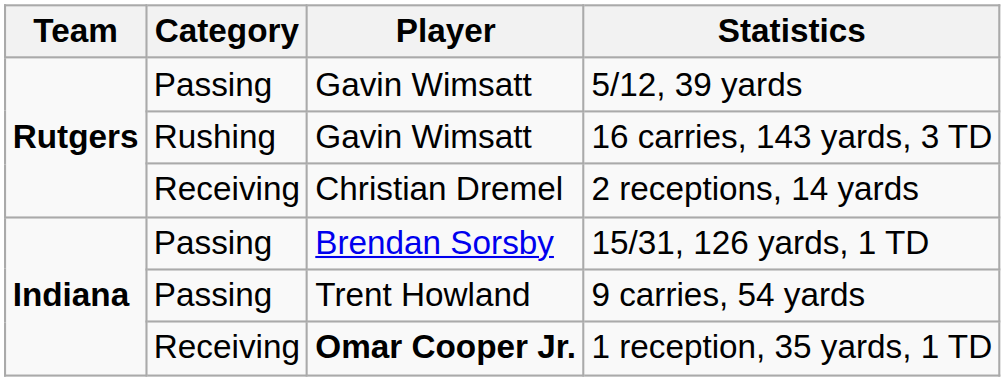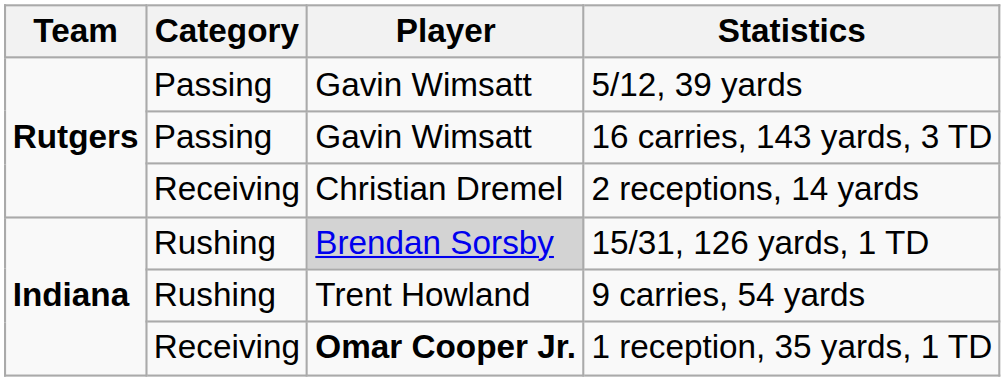 <table class="wikitable" style="float: left;">
 <tr>
 <th>Team</th>
 <th>Category</th>
 <th>Player</th>
 <th>Statistics</th>
 </tr>
 <tr>
 <td rowspan=3><strong>Rutgers</strong></td>
 <td>Passing</td>
 <td>Gavin Wimsatt</td>
 <td>5/12, 39 yards</td>
 </tr>
 <tr>
-<td>Rushing</td>
+<td>Passing</td>
 <td>Gavin Wimsatt</td>
 <td>16 carries, 143 yards, 3 TD</td>
 </tr>
 <tr>
 <td>Receiving</td>
 <td>Christian Dremel</td>
 <td>2 receptions, 14 yards</td>
 </tr>
 <tr>
 <td rowspan=3><strong>Indiana</strong></td>
-<td>Passing</td>
-<td><a href='#'>Brendan Sorsby</a></td>
+<td>Rushing</td>
+<td style="background: lightgrey;"><a href='#'>Brendan Sorsby</a></td>
 <td>15/31, 126 yards, 1 TD</td>
 </tr>
 <tr>
-<td>Passing</td>
+<td>Rushing</td>
 <td>Trent Howland</td>
 <td>9 carries, 54 yards</td>
 </tr>
 <tr>
 <td>Receiving</td>
 <td><strong>Omar Cooper Jr.</strong></td>
 <td>1 reception, 35 yards, 1 TD</td>
 </tr>
 </table>
